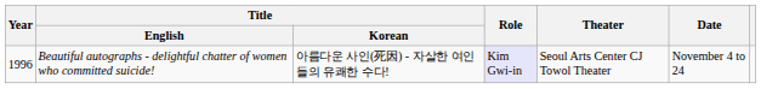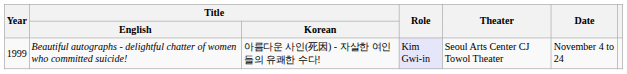 <table class="wikitable sortable" style="clear:none; font-size:90%; padding:0 auto; width:100%; margin:auto">
 <tr>
 <th rowspan="2" scope="col">Year</th>
 <th colspan="2" scope="col">Title</th>
 <th rowspan="2" scope="col">Role</th>
 <th rowspan="2" scope="col">Theater</th>
 <th rowspan="2" scope="col">Date</th>
 <th rowspan="2" class="unsortable" scope="col"></th>
 </tr>
 <tr>
 <th>English</th>
 <th>Korean</th>
 </tr>
 <tr>
-<td>1996</td>
+<td>1999</td>
 <td><em>Beautiful autographs - delightful chatter of women who committed suicide!</em></td>
 <td>아름다운 사인(死因) - 자살한 여인들의 유쾌한 수다!</td>
 <td style="background: lavender;">Kim Gwi-in</td>
 <td>Seoul Arts Center CJ Towol Theater</td>
 <td>November 4 to 24</td>
 <td></td>
 </tr>
 </table>
